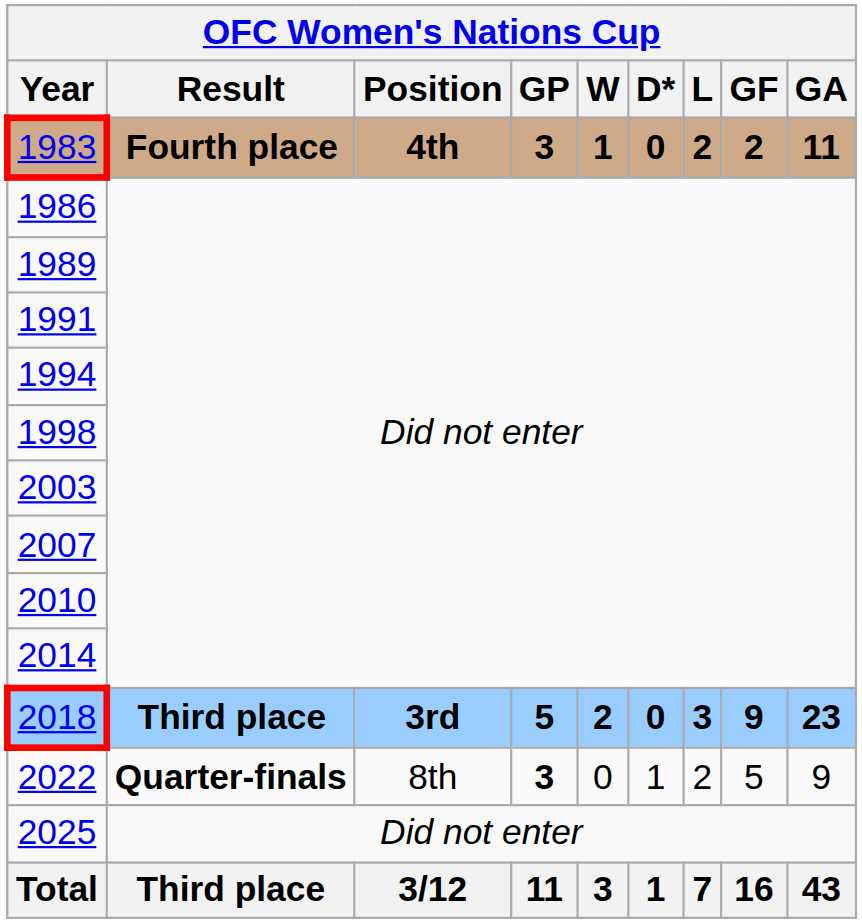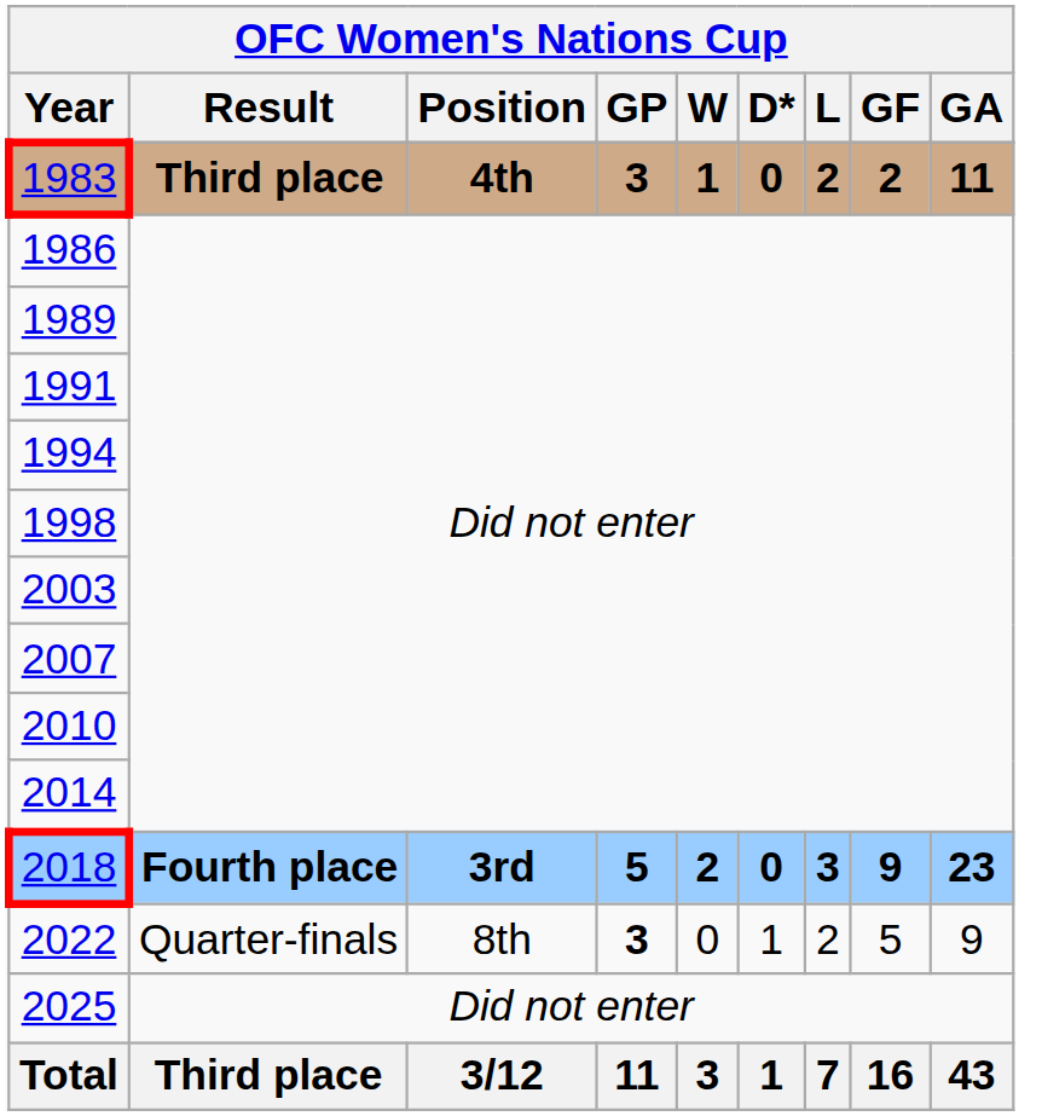 <table class="wikitable" style="text-align: center;">
 <tr>
 <th colspan=10><a href='#'>OFC Women's Nations Cup</a></th>
 </tr>
 <tr>
 <th>Year</th>
 <th>Result</th>
 <th>Position</th>
 <th>GP</th>
 <th>W</th>
 <th>D*</th>
 <th>L</th>
 <th>GF</th>
 <th>GA</th>
 </tr>
 <tr>
 </tr>
 <tr bgcolor=cfaa88>
 <td style="border: 3px solid red"> <a href='#'>1983</a></td>
-<td><strong>Fourth place</strong></td>
+<td><strong>Third place</strong></td>
 <td><strong>4th</strong></td>
 <td><strong>3</strong></td>
 <td><strong>1</strong></td>
 <td><strong>0</strong></td>
 <td><strong>2</strong></td>
 <td><strong>2</strong></td>
 <td><strong>11</strong></td>
 </tr>
 <tr>
 <td> <a href='#'>1986</a></td>
 <td colspan=8 rowspan=9><em>Did not enter</em></td>
 </tr>
 <tr>
 <td> <a href='#'>1989</a></td>
 </tr>
 <tr>
 <td> <a href='#'>1991</a></td>
 </tr>
 <tr>
 <td> <a href='#'>1994</a></td>
 </tr>
 <tr>
 <td> <a href='#'>1998</a></td>
 </tr>
 <tr>
 <td> <a href='#'>2003</a></td>
 </tr>
 <tr>
 <td> <a href='#'>2007</a></td>
 </tr>
 <tr>
 <td> <a href='#'>2010</a></td>
 </tr>
 <tr>
 <td> <a href='#'>2014</a></td>
 </tr>
 <tr style="background:#9acdff">
 <td style="border: 3px solid red"> <a href='#'>2018</a></td>
-<td><strong>Third place</strong></td>
+<td><strong>Fourth place</strong></td>
 <td><strong>3rd</strong></td>
 <td><strong>5</strong></td>
 <td><strong>2</strong></td>
 <td><strong>0</strong></td>
 <td><strong>3</strong></td>
 <td><strong>9</strong></td>
 <td><strong>23</strong></td>
 </tr>
 <tr>
 <td> <a href='#'>2022</a></td>
-<td><strong>Quarter-finals</strong></td>
+<td>Quarter-finals</td>
 <td>8th</td>
 <td><strong>3</strong></td>
 <td>0</td>
 <td>1</td>
 <td>2</td>
 <td>5</td>
 <td>9</td>
 </tr>
 <tr>
 <td> <a href='#'>2025</a></td>
 <td colspan=8><em>Did not enter</em></td>
 </tr>
 <tr>
 <th><strong>Total</strong></th>
 <th>Third place</th>
 <th>3/12</th>
 <th>11</th>
 <th>3</th>
 <th>1</th>
 <th>7</th>
 <th>16</th>
 <th>43</th>
 </tr>
 </table>
